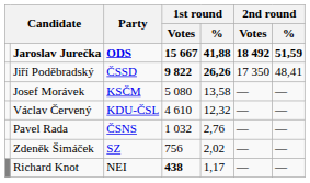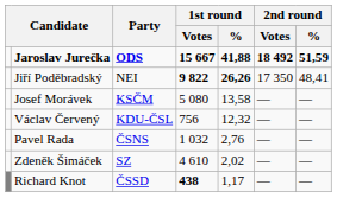 <table class="wikitable sortable">
 <tr>
 <th colspan="2" rowspan="2">Candidate</th>
 <th rowspan="2">Party</th>
 <th colspan="2">1st round</th>
 <th colspan="2">2nd round</th>
 </tr>
 <tr>
 <th>Votes</th>
 <th>%</th>
 <th>Votes</th>
 <th>%</th>
 </tr>
 <tr>
 <td style="background-color:"></td>
 <td><strong>Jaroslav Jurečka</strong></td>
 <td><a href='#'><strong>ODS</strong></a></td>
 <td><strong>15 667</strong></td>
 <td><strong>41,88</strong></td>
 <td><strong>18 492</strong></td>
 <td><strong>51,59</strong></td>
 </tr>
 <tr>
 <td style="background-color:"></td>
 <td>Jiří Poděbradský</td>
-<td><a href='#'>ČSSD</a></td>
+<td>NEI</td>
 <td><strong>9 822</strong></td>
 <td><strong>26,26</strong></td>
 <td>17 350</td>
 <td>48,41</td>
 </tr>
 <tr>
 <td style="background-color:"></td>
 <td>Josef Morávek</td>
 <td><a href='#'>KSČM</a></td>
 <td>5 080</td>
 <td>13,58</td>
 <td>—</td>
 <td>—</td>
 </tr>
 <tr>
 <td style="background-color:"></td>
 <td>Václav Červený</td>
 <td><a href='#'>KDU-ČSL</a></td>
-<td>4 610</td>
+<td>756</td>
 <td>12,32</td>
 <td>—</td>
 <td>—</td>
 </tr>
 <tr>
 <td style="background-color:"></td>
 <td>Pavel Rada</td>
 <td><a href='#'>ČSNS</a></td>
 <td>1 032</td>
 <td>2,76</td>
 <td>—</td>
 <td>—</td>
 </tr>
 <tr>
 <td style="background-color:"></td>
 <td>Zdeněk Šimáček</td>
 <td><a href='#'>SZ</a></td>
-<td>756</td>
+<td>4 610</td>
 <td>2,02</td>
 <td>—</td>
 <td>—</td>
 </tr>
 <tr>
 <td style="background-color:gray;"></td>
 <td>Richard Knot</td>
-<td>NEI</td>
+<td><a href='#'>ČSSD</a></td>
 <td><strong>438</strong></td>
 <td>1,17</td>
 <td>—</td>
 <td>—</td>
 </tr>
 </table>
